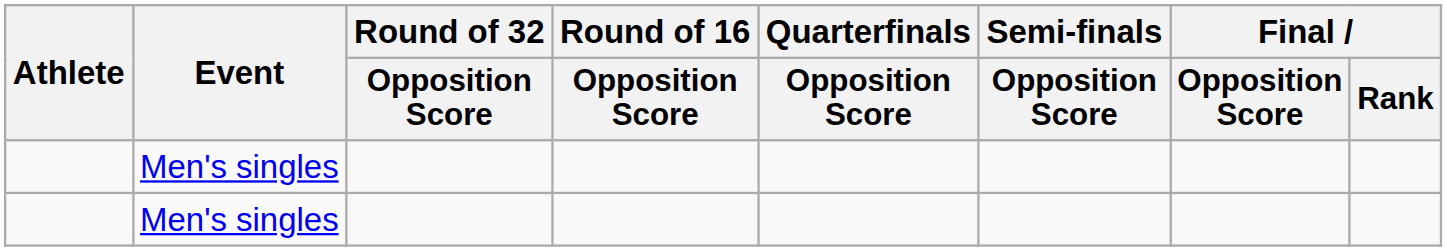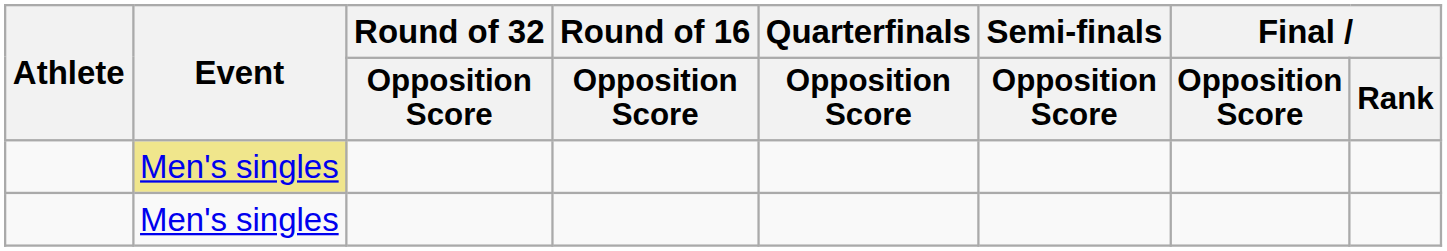 <table class="wikitable" style="font-size:90%">
 <tr>
 <th rowspan=2>Athlete</th>
 <th rowspan=2>Event</th>
 <th>Round of 32</th>
 <th>Round of 16</th>
 <th>Quarterfinals</th>
 <th>Semi-finals</th>
 <th colspan=2>Final / </th>
 </tr>
 <tr style="font-size:95%">
 <th>Opposition<br>Score</th>
 <th>Opposition<br>Score</th>
 <th>Opposition<br>Score</th>
 <th>Opposition<br>Score</th>
 <th>Opposition<br>Score</th>
 <th>Rank</th>
 </tr>
 <tr align=center>
 <td align=left></td>
-<td align=left><a href='#'>Men's singles</a></td>
+<td align=left style="background: khaki;"><a href='#'>Men's singles</a></td>
 <td></td>
 <td></td>
 <td></td>
 <td></td>
 <td></td>
 <td></td>
 </tr>
 <tr align=center>
 <td align=left></td>
 <td align=left><a href='#'>Men's singles</a></td>
 <td></td>
 <td></td>
 <td></td>
 <td></td>
 <td></td>
 <td></td>
 </tr>
 </table>
